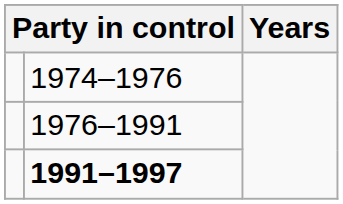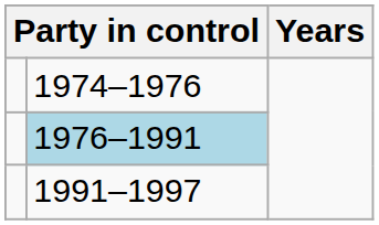 <table class="wikitable">
 <tr>
 <th colspan="2">Party in control</th>
 <th>Years</th>
 </tr>
 <tr>
 <td></td>
 <td>1974–1976</td>
 </tr>
 <tr>
 <td></td>
-<td>1976–1991</td>
+<td style="background: lightblue;">1976–1991</td>
 </tr>
 <tr>
 <td></td>
-<td><strong>1991–1997</strong></td>
+<td>1991–1997</td>
 </tr>
 </table>
